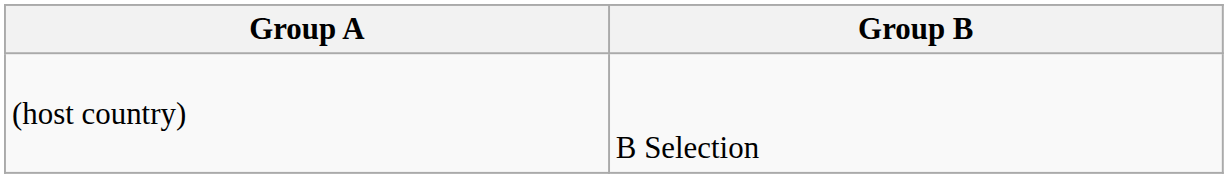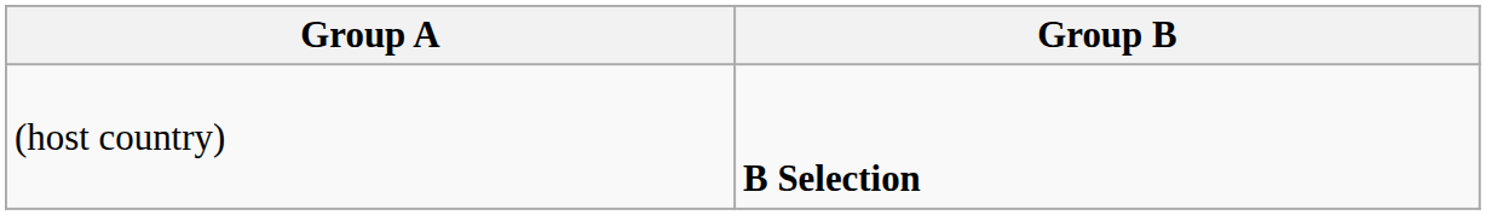 <table class="wikitable" width=50%>
 <tr>
 <th width=5%>Group A</th>
 <th width=5%>Group B</th>
 </tr>
 <tr>
 <td><br> (host country)<br> <br></td>
-<td><br>  <br> B Selection <br></td>
+<td><strong><br>  <br> B Selection <br></strong></td>
 </tr>
 </table>
